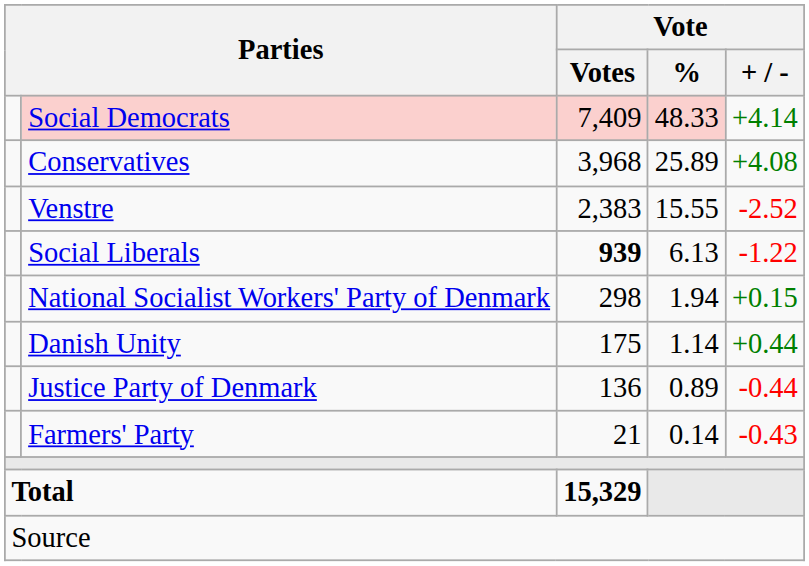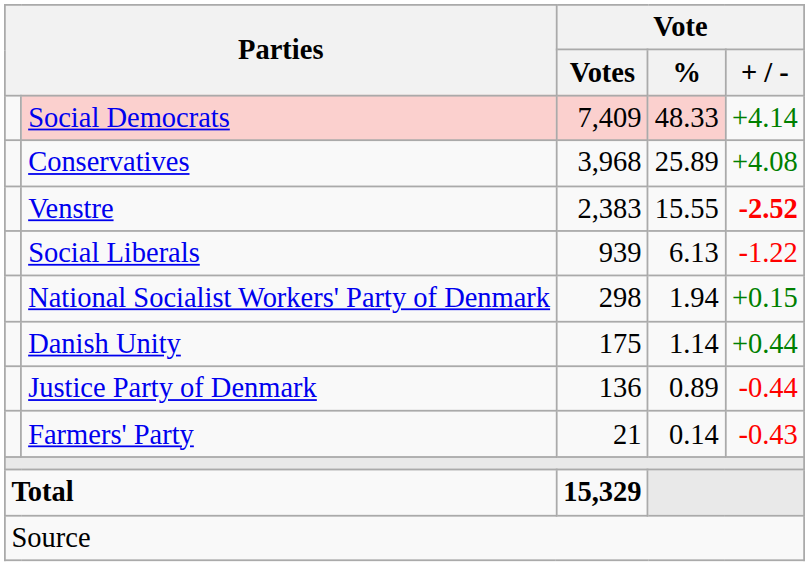 <table class="wikitable" style="text-align:right;">
 <tr>
 <th style="text-align:centre;" rowspan="2" colspan="2" width="225">Parties</th>
 <th colspan="3">Vote</th>
 </tr>
 <tr>
 <th width="15">Votes</th>
 <th width="15">%</th>
 <th width="15">+ / -</th>
 </tr>
 <tr>
 <td width="2" style="color:inherit;background:"></td>
 <td bgcolor=#fbd0ce  align="left"><a href='#'>Social Democrats</a></td>
 <td bgcolor=#fbd0ce>7,409</td>
 <td bgcolor=#fbd0ce>48.33</td>
 <td style=color:green;>+4.14</td>
 </tr>
 <tr>
 <td width="2" style="color:inherit;background:"></td>
 <td align="left"><a href='#'>Conservatives</a></td>
 <td>3,968</td>
 <td>25.89</td>
 <td style=color:green;>+4.08</td>
 </tr>
 <tr>
 <td width="2" style="color:inherit;background:"></td>
 <td align="left"><a href='#'>Venstre</a></td>
 <td>2,383</td>
 <td>15.55</td>
-<td style=color:red;>-2.52</td>
+<td style=color:red;><strong>-2.52</strong></td>
 </tr>
 <tr>
 <td width="2" style="color:inherit;background:"></td>
 <td align="left"><a href='#'>Social Liberals</a></td>
-<td><strong>939</strong></td>
+<td>939</td>
 <td>6.13</td>
 <td style=color:red;>-1.22</td>
 </tr>
 <tr>
 <td width="2" style="color:inherit;background:"></td>
 <td align="left"><a href='#'>National Socialist Workers' Party of Denmark</a></td>
 <td>298</td>
 <td>1.94</td>
 <td style=color:green;>+0.15</td>
 </tr>
 <tr>
 <td width="2" style="color:inherit;background:"></td>
 <td align="left"><a href='#'>Danish Unity</a></td>
 <td>175</td>
 <td>1.14</td>
 <td style=color:green;>+0.44</td>
 </tr>
 <tr>
 <td width="2" style="color:inherit;background:"></td>
 <td align="left"><a href='#'>Justice Party of Denmark</a></td>
 <td>136</td>
 <td>0.89</td>
 <td style=color:red;>-0.44</td>
 </tr>
 <tr>
 <td width="2" style="color:inherit;background:"></td>
 <td align="left"><a href='#'>Farmers' Party</a></td>
 <td>21</td>
 <td>0.14</td>
 <td style=color:red;>-0.43</td>
 </tr>
 <tr>
 <td colspan="7" bgcolor="#E9E9E9"></td>
 </tr>
 <tr>
 <td align="left" colspan="2"><strong>Total</strong></td>
 <td><strong>15,329</strong></td>
 <td bgcolor="#E9E9E9" colspan="2"></td>
 </tr>
 <tr>
 <td align="left" colspan="6">Source</td>
 </tr>
 </table>
